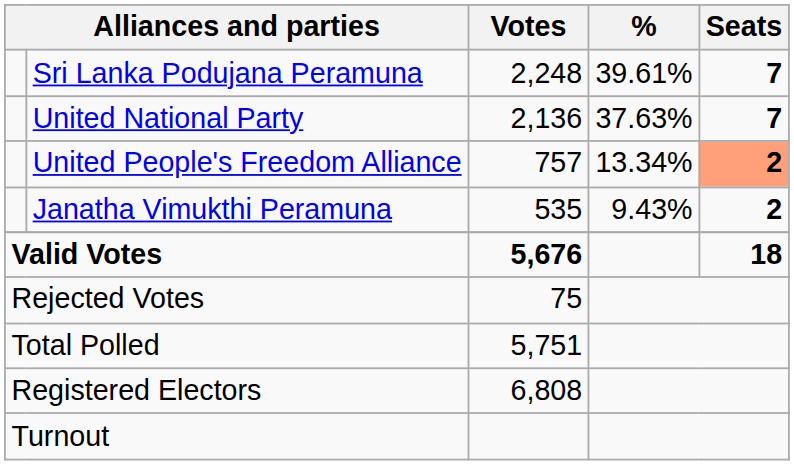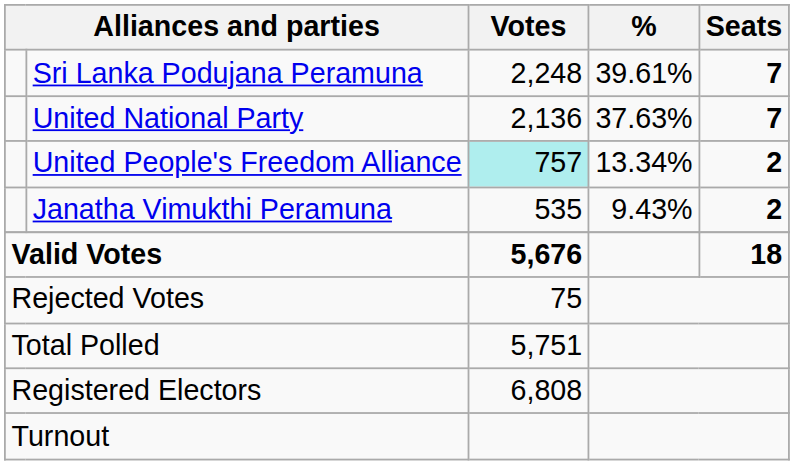 <table class="wikitable" border="1" style="text-align:right;">
 <tr>
 <th valign=bottom align=left colspan=2>Alliances and parties</th>
 <th valign=bottom align=center width="60">Votes</th>
 <th valign=bottom align=center width="50">%</th>
 <th valign=bottom align=center>Seats</th>
 </tr>
 <tr>
 <td bgcolor=> </td>
 <td align=left><a href='#'>Sri Lanka Podujana Peramuna</a></td>
 <td>2,248</td>
 <td>39.61%</td>
 <td><strong>7</strong></td>
 </tr>
 <tr>
 <td bgcolor=> </td>
 <td align=left><a href='#'>United National Party</a></td>
 <td>2,136</td>
 <td>37.63%</td>
 <td><strong>7</strong></td>
 </tr>
 <tr>
 <td bgcolor=> </td>
 <td align=left><a href='#'>United People's Freedom Alliance</a></td>
-<td>757</td>
+<td style="background: paleturquoise;">757</td>
 <td>13.34%</td>
-<td style="background: lightsalmon;"><strong>2</strong></td>
+<td><strong>2</strong></td>
 </tr>
 <tr>
 <td bgcolor=> </td>
 <td align=left><a href='#'>Janatha Vimukthi Peramuna</a></td>
 <td>535</td>
 <td>9.43%</td>
 <td><strong>2</strong></td>
 </tr>
 <tr>
 </tr>
 <tr>
 <td colspan=2 align=left><strong>Valid Votes</strong></td>
 <td><strong>5,676</strong></td>
 <td></td>
 <td><strong>18</strong></td>
 </tr>
 <tr>
 <td colspan=2 align=left>Rejected Votes</td>
 <td>75</td>
 <td colspan=2></td>
 </tr>
 <tr>
 <td colspan=2 align=left>Total Polled</td>
 <td>5,751</td>
 <td colspan=2></td>
 </tr>
 <tr>
 <td colspan=2 align=left>Registered Electors</td>
 <td>6,808</td>
 <td colspan=2></td>
 </tr>
 <tr>
 <td colspan=2 align=left>Turnout</td>
 <td></td>
 <td colspan=2></td>
 </tr>
 </table>
